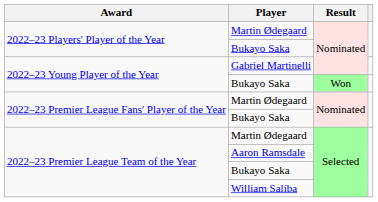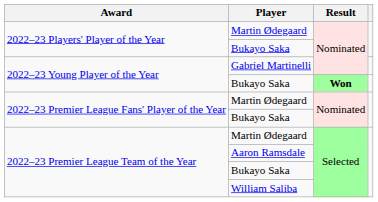 <table class="wikitable" style="text-align:center;">
 <tr>
 <th>Award</th>
 <th>Player</th>
 <th>Result</th>
 <th></th>
 </tr>
 <tr>
 <td rowspan="2" style="text-align:left;"><a href='#'>2022–23 Players' Player of the Year</a></td>
 <td style="text-align:left;"> <a href='#'>Martin Ødegaard</a></td>
 <td rowspan="3" style="background:#ffe3e3;">Nominated</td>
 <td rowspan="2"></td>
 </tr>
 <tr>
 <td style="text-align:left;"> <a href='#'>Bukayo Saka</a></td>
 </tr>
 <tr>
 <td rowspan="2" style="text-align:left;"><a href='#'>2022–23 Young Player of the Year</a></td>
 <td style="text-align:left;"> <a href='#'>Gabriel Martinelli</a></td>
 <td></td>
 </tr>
 <tr>
 <td style="text-align:left;"> Bukayo Saka</td>
-<td style="background:#9eff9e;">Won</td>
+<td style="background:#9eff9e;"><strong>Won</strong></td>
 <td></td>
 </tr>
 <tr>
 <td rowspan="2" style="text-align:left;"><a href='#'>2022–23 Premier League Fans' Player of the Year</a></td>
 <td style="text-align:left;"> Martin Ødegaard</td>
 <td rowspan="2" style="background:#ffe3e3;">Nominated</td>
 <td rowspan="2"></td>
 </tr>
 <tr>
 <td style="text-align:left;"> Bukayo Saka</td>
 </tr>
 <tr>
 <td rowspan="4" style="text-align:left;"><a href='#'>2022–23 Premier League Team of the Year</a></td>
 <td style="text-align:left;"> Martin Ødegaard</td>
 <td rowspan="4" style="background:#9eff9e;">Selected</td>
 <td rowspan="4"></td>
 </tr>
 <tr>
 <td style="text-align:left;"> <a href='#'>Aaron Ramsdale</a></td>
 </tr>
 <tr>
 <td style="text-align:left;"> Bukayo Saka</td>
 </tr>
 <tr>
 <td style="text-align:left;"> <a href='#'>William Saliba</a></td>
 </tr>
 </table>
